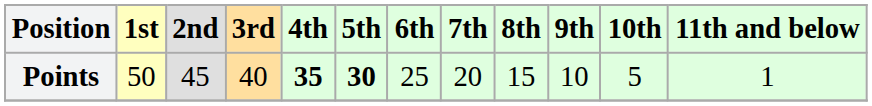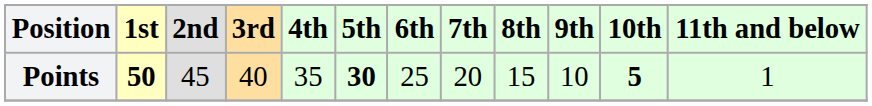 <table class="wikitable" style="font-size:90%;">
 <tr>
 <th style="background-color:#f2f3f4">Position</th>
 <td style="background-color:#ffffbf"><strong>1st</strong></td>
 <td style="background-color:#dfdfdf"><strong>2nd</strong></td>
 <td style="background-color:#ffdf9f"><strong>3rd</strong></td>
 <td style="background-color:#dfffdf"><strong>4th</strong></td>
 <td style="background-color:#dfffdf"><strong>5th</strong></td>
 <td style="background-color:#dfffdf"><strong>6th</strong></td>
 <td style="background-color:#dfffdf"><strong>7th</strong></td>
 <td style="background-color:#dfffdf"><strong>8th</strong></td>
 <td style="background-color:#dfffdf"><strong>9th</strong></td>
 <td style="background-color:#dfffdf"><strong>10th</strong></td>
 <td style="background-color:#dfffdf"><strong>11th and below</strong></td>
 </tr>
 <tr>
 <th style="background-color:#f2f3f4">Points</th>
-<td style="background-color:#ffffbf" align="center">50</td>
+<td style="background-color:#ffffbf" align="center"><strong>50</strong></td>
 <td style="background-color:#dfdfdf" align="center">45</td>
 <td style="background-color:#ffdf9f" align="center">40</td>
-<td style="background-color:#dfffdf" align="center"><strong>35</strong></td>
+<td style="background-color:#dfffdf" align="center">35</td>
 <td style="background-color:#dfffdf" align="center"><strong>30</strong></td>
 <td style="background-color:#dfffdf" align="center">25</td>
 <td style="background-color:#dfffdf" align="center">20</td>
 <td style="background-color:#dfffdf" align="center">15</td>
 <td style="background-color:#dfffdf" align="center">10</td>
-<td style="background-color:#dfffdf" align="center">5</td>
+<td style="background-color:#dfffdf" align="center"><strong>5</strong></td>
 <td style="background-color:#dfffdf" align="center">1</td>
 </tr>
 <tr>
 </tr>
 </table>
